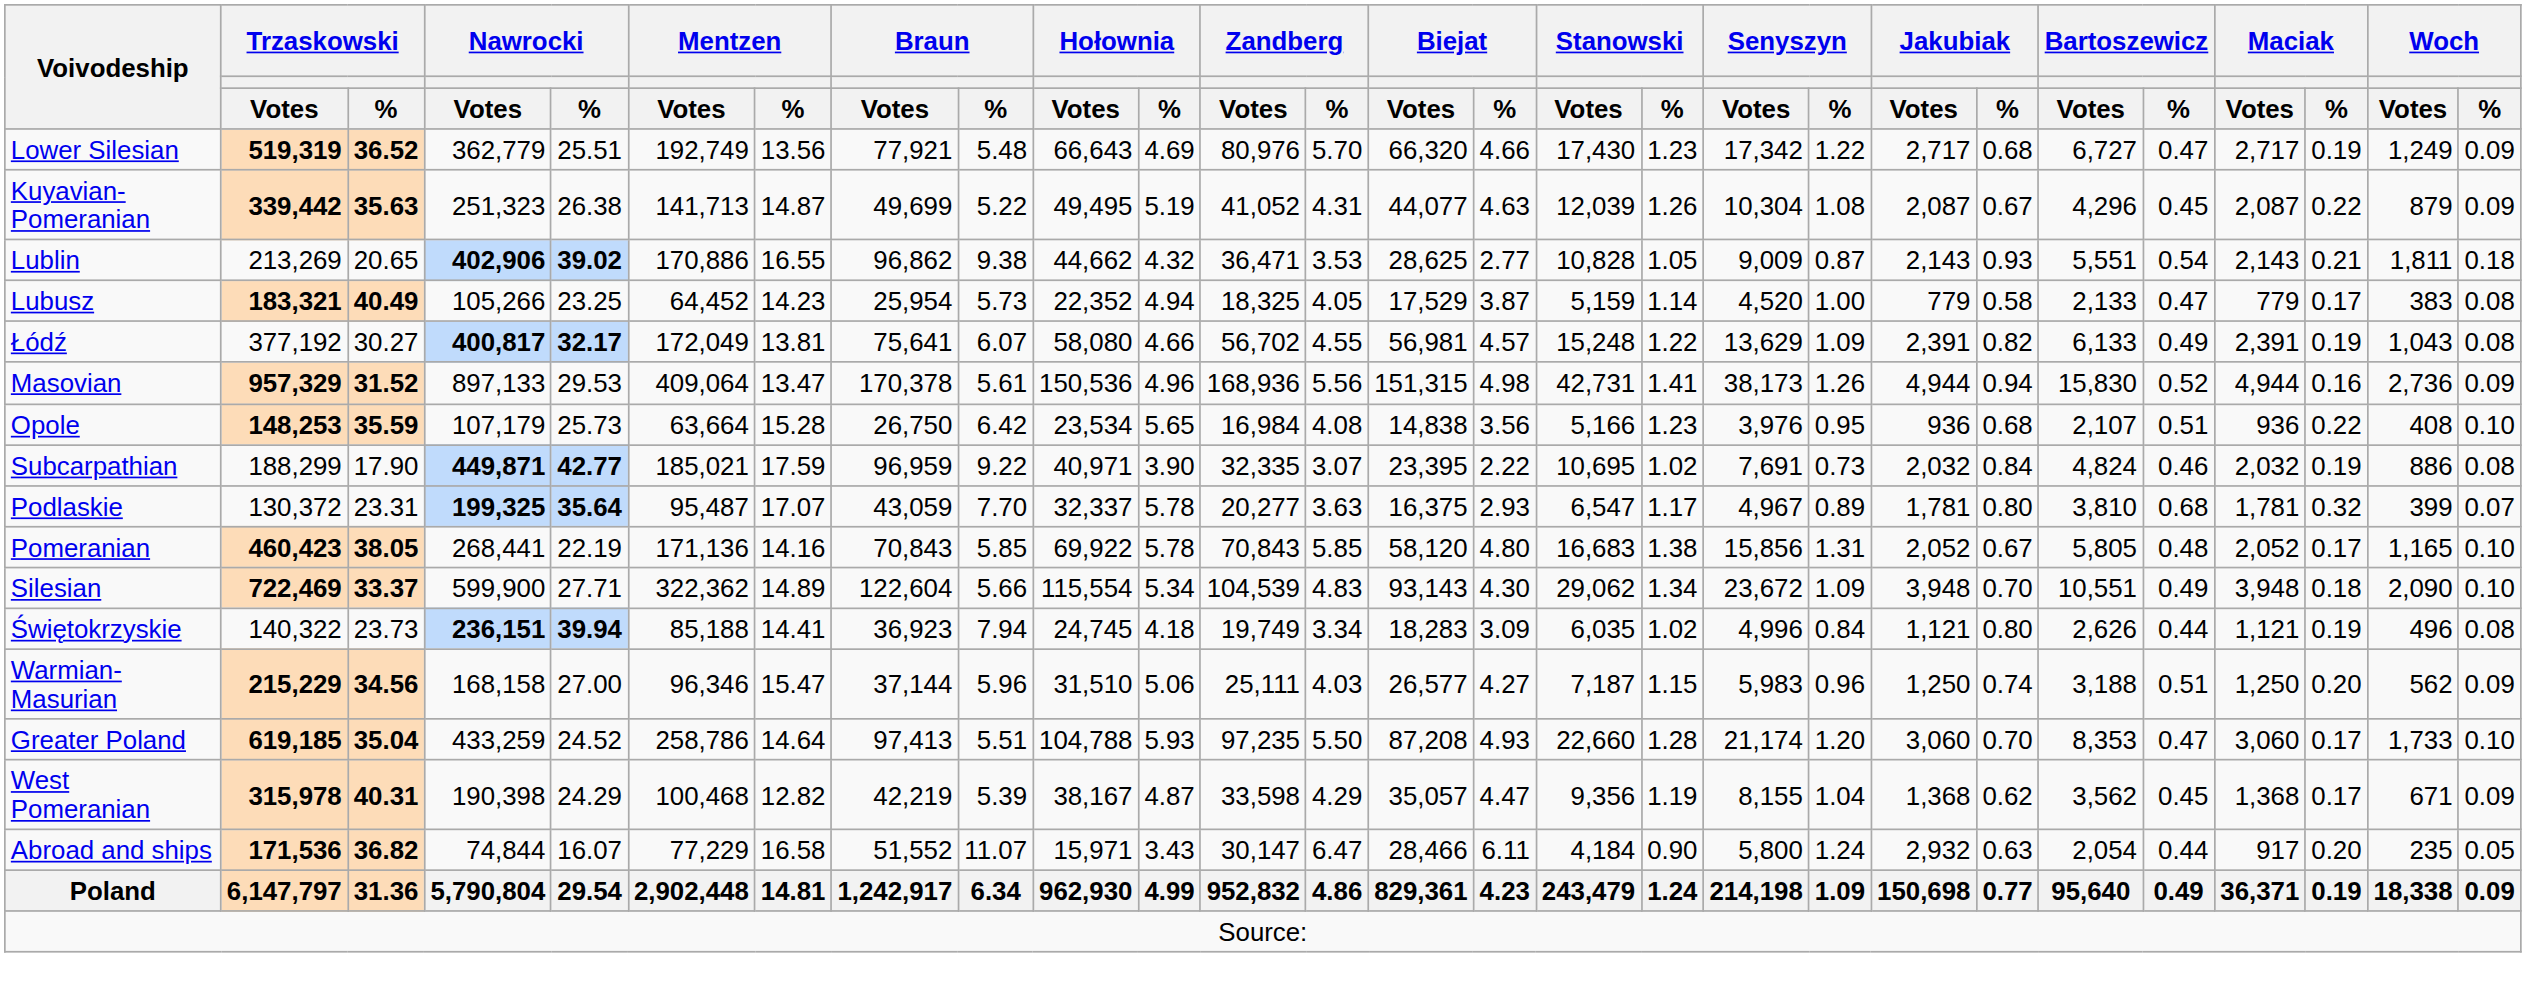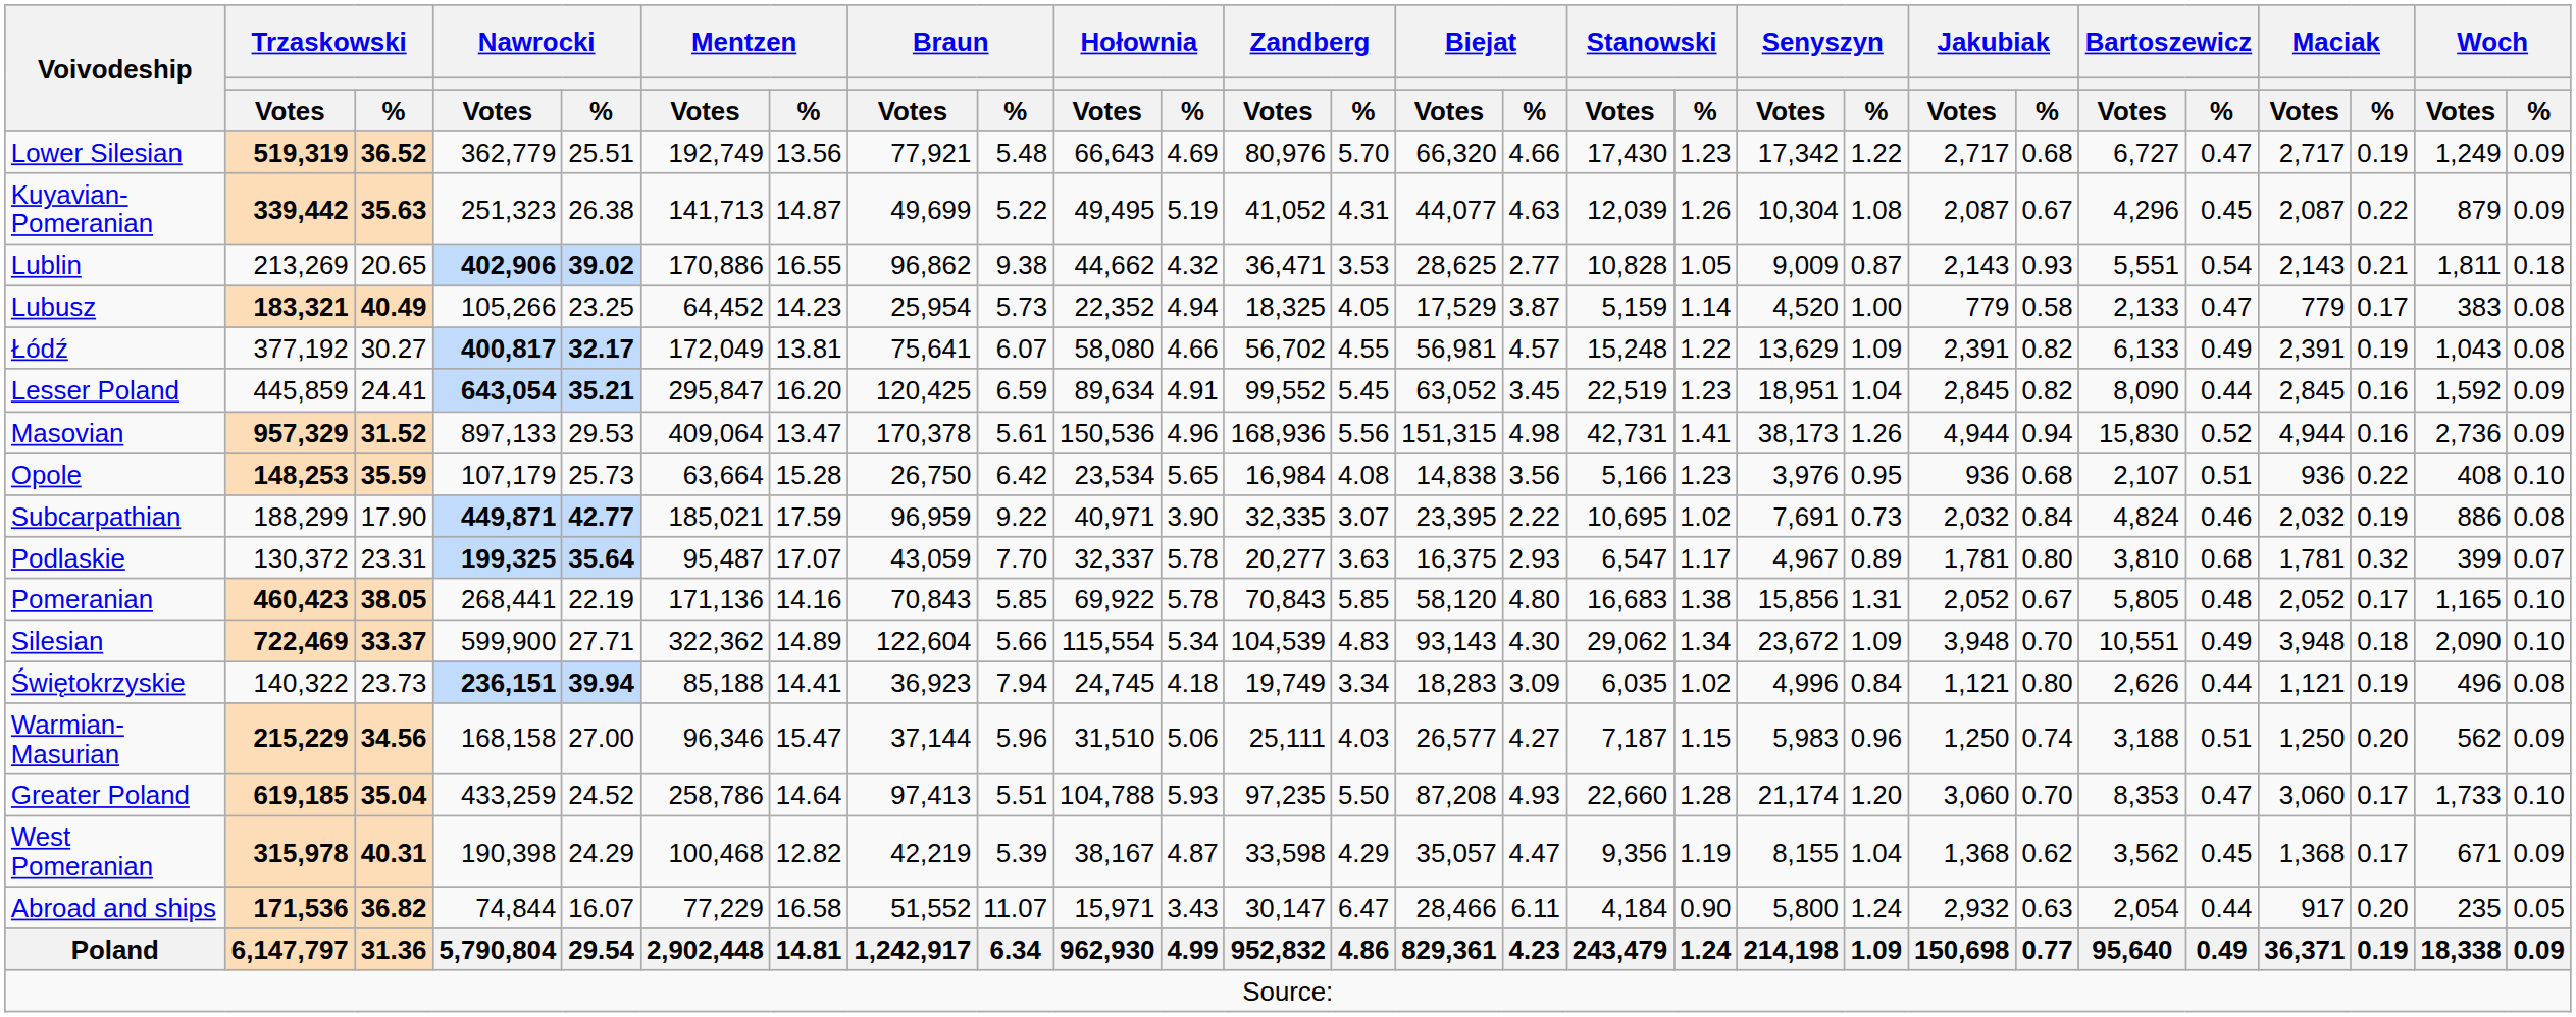 <table class="wikitable sortable" style="text-align:right; font-size:95%">
 <tr style="height:42px; text-align:center; background-color:#E9E9E9;">
 <th rowspan="3" style="width:120px;">Voivodeship</th>
 <th colspan="2" data-sort-type="number" style="width:40px;"><a href='#'>Trzaskowski</a><br></th>
 <th colspan="2" data-sort-type="number" style="width:40px;"><a href='#'>Nawrocki</a><br></th>
 <th colspan="2" data-sort-type="number" style="width:40px;"><a href='#'>Mentzen</a><br></th>
 <th colspan="2" data-sort-type="number" style="width:40px;"><a href='#'>Braun</a><br></th>
 <th colspan="2" data-sort-type="number" style="width:40px;"><a href='#'>Hołownia</a><br></th>
 <th colspan="2" data-sort-type="number" style="width:40px;"><a href='#'>Zandberg</a><br></th>
 <th colspan="2" data-sort-type="number" style="width:40px;"><a href='#'>Biejat</a><br></th>
 <th colspan="2" data-sort-type="number" style="width:40px;"><a href='#'>Stanowski</a><br></th>
 <th colspan="2" data-sort-type="number" style="width:40px;"><a href='#'>Senyszyn</a><br></th>
 <th colspan="2" data-sort-type="number" style="width:40px;"><a href='#'>Jakubiak</a><br></th>
 <th colspan="2" data-sort-type="number" style="width:40px;"><a href='#'>Bartoszewicz</a><br></th>
 <th colspan="2" data-sort-type="number" style="width:40px;"><a href='#'>Maciak</a><br></th>
 <th colspan="2" data-sort-type="number" style="width:40px;"><a href='#'>Woch</a><br></th>
 </tr>
 <tr>
 <th colspan="2" style="background:"></th>
 <th colspan="2" style="background:"></th>
 <th colspan="2" style="background:"></th>
 <th colspan="2" style="background:"></th>
 <th colspan="2" style="background:"></th>
 <th colspan="2" style="background:"></th>
 <th colspan="2" style="background:"></th>
 <th colspan="2" style="background:"></th>
 <th colspan="2" style="background:"></th>
 <th colspan="2" style="background:"></th>
 <th colspan="2" style="background:"></th>
 <th colspan="2" style="background:"></th>
 <th colspan="2" style="background:"></th>
 </tr>
 <tr>
 <th>Votes</th>
 <th>%</th>
 <th>Votes</th>
 <th>%</th>
 <th>Votes</th>
 <th>%</th>
 <th>Votes</th>
 <th>%</th>
 <th>Votes</th>
 <th>%</th>
 <th>Votes</th>
 <th>%</th>
 <th>Votes</th>
 <th>%</th>
 <th>Votes</th>
 <th>%</th>
 <th>Votes</th>
 <th>%</th>
 <th>Votes</th>
 <th>%</th>
 <th>Votes</th>
 <th>%</th>
 <th>Votes</th>
 <th>%</th>
 <th>Votes</th>
 <th>%</th>
 </tr>
 <tr>
 <td align="left"><a href='#'>Lower Silesian</a></td>
 <td style="font-weight:bold; background:#FDDCB8">519,319</td>
 <td style="font-weight:bold; background:#FDDCB8">36.52</td>
 <td>362,779</td>
 <td>25.51</td>
 <td>192,749</td>
 <td>13.56</td>
 <td>77,921</td>
 <td>5.48</td>
 <td>66,643</td>
 <td>4.69</td>
 <td>80,976</td>
 <td>5.70</td>
 <td>66,320</td>
 <td>4.66</td>
 <td>17,430</td>
 <td>1.23</td>
 <td>17,342</td>
 <td>1.22</td>
 <td>2,717</td>
 <td>0.68</td>
 <td>6,727</td>
 <td>0.47</td>
 <td>2,717</td>
 <td>0.19</td>
 <td>1,249</td>
 <td>0.09</td>
 </tr>
 <tr>
 <td align="left"><a href='#'>Kuyavian-Pomeranian</a></td>
 <td style="font-weight:bold; background:#FDDCB8">339,442</td>
 <td style="font-weight:bold; background:#FDDCB8">35.63</td>
 <td>251,323</td>
 <td>26.38</td>
 <td>141,713</td>
 <td>14.87</td>
 <td>49,699</td>
 <td>5.22</td>
 <td>49,495</td>
 <td>5.19</td>
 <td>41,052</td>
 <td>4.31</td>
 <td>44,077</td>
 <td>4.63</td>
 <td>12,039</td>
 <td>1.26</td>
 <td>10,304</td>
 <td>1.08</td>
 <td>2,087</td>
 <td>0.67</td>
 <td>4,296</td>
 <td>0.45</td>
 <td>2,087</td>
 <td>0.22</td>
 <td>879</td>
 <td>0.09</td>
 </tr>
 <tr>
 <td align="left"><a href='#'>Lublin</a></td>
 <td>213,269</td>
 <td>20.65</td>
 <td style="font-weight:bold; background:#C0DBFC">402,906</td>
 <td style="font-weight:bold; background:#C0DBFC">39.02</td>
 <td>170,886</td>
 <td>16.55</td>
 <td>96,862</td>
 <td>9.38</td>
 <td>44,662</td>
 <td>4.32</td>
 <td>36,471</td>
 <td>3.53</td>
 <td>28,625</td>
 <td>2.77</td>
 <td>10,828</td>
 <td>1.05</td>
 <td>9,009</td>
 <td>0.87</td>
 <td>2,143</td>
 <td>0.93</td>
 <td>5,551</td>
 <td>0.54</td>
 <td>2,143</td>
 <td>0.21</td>
 <td>1,811</td>
 <td>0.18</td>
 </tr>
 <tr>
 <td align="left"><a href='#'>Lubusz</a></td>
 <td style="font-weight:bold; background:#FDDCB8">183,321</td>
 <td style="font-weight:bold; background:#FDDCB8">40.49</td>
 <td>105,266</td>
 <td>23.25</td>
 <td>64,452</td>
 <td>14.23</td>
 <td>25,954</td>
 <td>5.73</td>
 <td>22,352</td>
 <td>4.94</td>
 <td>18,325</td>
 <td>4.05</td>
 <td>17,529</td>
 <td>3.87</td>
 <td>5,159</td>
 <td>1.14</td>
 <td>4,520</td>
 <td>1.00</td>
 <td>779</td>
 <td>0.58</td>
 <td>2,133</td>
 <td>0.47</td>
 <td>779</td>
 <td>0.17</td>
 <td>383</td>
 <td>0.08</td>
 </tr>
 <tr>
 <td align="left"><a href='#'>Łódź</a></td>
 <td>377,192</td>
 <td>30.27</td>
 <td style="font-weight:bold; background:#C0DBFC">400,817</td>
 <td style="font-weight:bold; background:#C0DBFC">32.17</td>
 <td>172,049</td>
 <td>13.81</td>
 <td>75,641</td>
 <td>6.07</td>
 <td>58,080</td>
 <td>4.66</td>
 <td>56,702</td>
 <td>4.55</td>
 <td>56,981</td>
 <td>4.57</td>
 <td>15,248</td>
 <td>1.22</td>
 <td>13,629</td>
 <td>1.09</td>
 <td>2,391</td>
 <td>0.82</td>
 <td>6,133</td>
 <td>0.49</td>
 <td>2,391</td>
 <td>0.19</td>
 <td>1,043</td>
 <td>0.08</td>
+</tr>
+<tr>
+<td align="left"><a href='#'>Lesser Poland</a></td>
+<td>445,859</td>
+<td>24.41</td>
+<td style="font-weight:bold; background:#C0DBFC">643,054</td>
+<td style="font-weight:bold; background:#C0DBFC">35.21</td>
+<td>295,847</td>
+<td>16.20</td>
+<td>120,425</td>
+<td>6.59</td>
+<td>89,634</td>
+<td>4.91</td>
+<td>99,552</td>
+<td>5.45</td>
+<td>63,052</td>
+<td>3.45</td>
+<td>22,519</td>
+<td>1.23</td>
+<td>18,951</td>
+<td>1.04</td>
+<td>2,845</td>
+<td>0.82</td>
+<td>8,090</td>
+<td>0.44</td>
+<td>2,845</td>
+<td>0.16</td>
+<td>1,592</td>
+<td>0.09</td>
 </tr>
 <tr>
 <td align="left"><a href='#'>Masovian</a></td>
 <td style="font-weight:bold; background:#FDDCB8">957,329</td>
 <td style="font-weight:bold; background:#FDDCB8">31.52</td>
 <td>897,133</td>
 <td>29.53</td>
 <td>409,064</td>
 <td>13.47</td>
 <td>170,378</td>
 <td>5.61</td>
 <td>150,536</td>
 <td>4.96</td>
 <td>168,936</td>
 <td>5.56</td>
 <td>151,315</td>
 <td>4.98</td>
 <td>42,731</td>
 <td>1.41</td>
 <td>38,173</td>
 <td>1.26</td>
 <td>4,944</td>
 <td>0.94</td>
 <td>15,830</td>
 <td>0.52</td>
 <td>4,944</td>
 <td>0.16</td>
 <td>2,736</td>
 <td>0.09</td>
 </tr>
 <tr>
 <td align="left"><a href='#'>Opole</a></td>
 <td style="font-weight:bold; background:#FDDCB8">148,253</td>
 <td style="font-weight:bold; background:#FDDCB8">35.59</td>
 <td>107,179</td>
 <td>25.73</td>
 <td>63,664</td>
 <td>15.28</td>
 <td>26,750</td>
 <td>6.42</td>
 <td>23,534</td>
 <td>5.65</td>
 <td>16,984</td>
 <td>4.08</td>
 <td>14,838</td>
 <td>3.56</td>
 <td>5,166</td>
 <td>1.23</td>
 <td>3,976</td>
 <td>0.95</td>
 <td>936</td>
 <td>0.68</td>
 <td>2,107</td>
 <td>0.51</td>
 <td>936</td>
 <td>0.22</td>
 <td>408</td>
 <td>0.10</td>
 </tr>
 <tr>
 <td align="left"><a href='#'>Subcarpathian</a></td>
 <td>188,299</td>
 <td>17.90</td>
 <td style="font-weight:bold; background:#C0DBFC">449,871</td>
 <td style="font-weight:bold; background:#C0DBFC">42.77</td>
 <td>185,021</td>
 <td>17.59</td>
 <td>96,959</td>
 <td>9.22</td>
 <td>40,971</td>
 <td>3.90</td>
 <td>32,335</td>
 <td>3.07</td>
 <td>23,395</td>
 <td>2.22</td>
 <td>10,695</td>
 <td>1.02</td>
 <td>7,691</td>
 <td>0.73</td>
 <td>2,032</td>
 <td>0.84</td>
 <td>4,824</td>
 <td>0.46</td>
 <td>2,032</td>
 <td>0.19</td>
 <td>886</td>
 <td>0.08</td>
 </tr>
 <tr>
 <td align="left"><a href='#'>Podlaskie</a></td>
 <td>130,372</td>
 <td>23.31</td>
 <td style="font-weight:bold; background:#C0DBFC">199,325</td>
 <td style="font-weight:bold; background:#C0DBFC">35.64</td>
 <td>95,487</td>
 <td>17.07</td>
 <td>43,059</td>
 <td>7.70</td>
 <td>32,337</td>
 <td>5.78</td>
 <td>20,277</td>
 <td>3.63</td>
 <td>16,375</td>
 <td>2.93</td>
 <td>6,547</td>
 <td>1.17</td>
 <td>4,967</td>
 <td>0.89</td>
 <td>1,781</td>
 <td>0.80</td>
 <td>3,810</td>
 <td>0.68</td>
 <td>1,781</td>
 <td>0.32</td>
 <td>399</td>
 <td>0.07</td>
 </tr>
 <tr>
 <td align="left"><a href='#'>Pomeranian</a></td>
 <td style="font-weight:bold; background:#FDDCB8">460,423</td>
 <td style="font-weight:bold; background:#FDDCB8">38.05</td>
 <td>268,441</td>
 <td>22.19</td>
 <td>171,136</td>
 <td>14.16</td>
 <td>70,843</td>
 <td>5.85</td>
 <td>69,922</td>
 <td>5.78</td>
 <td>70,843</td>
 <td>5.85</td>
 <td>58,120</td>
 <td>4.80</td>
 <td>16,683</td>
 <td>1.38</td>
 <td>15,856</td>
 <td>1.31</td>
 <td>2,052</td>
 <td>0.67</td>
 <td>5,805</td>
 <td>0.48</td>
 <td>2,052</td>
 <td>0.17</td>
 <td>1,165</td>
 <td>0.10</td>
 </tr>
 <tr>
 <td align="left"><a href='#'>Silesian</a></td>
 <td style="font-weight:bold; background:#FDDCB8">722,469</td>
 <td style="font-weight:bold; background:#FDDCB8">33.37</td>
 <td>599,900</td>
 <td>27.71</td>
 <td>322,362</td>
 <td>14.89</td>
 <td>122,604</td>
 <td>5.66</td>
 <td>115,554</td>
 <td>5.34</td>
 <td>104,539</td>
 <td>4.83</td>
 <td>93,143</td>
 <td>4.30</td>
 <td>29,062</td>
 <td>1.34</td>
 <td>23,672</td>
 <td>1.09</td>
 <td>3,948</td>
 <td>0.70</td>
 <td>10,551</td>
 <td>0.49</td>
 <td>3,948</td>
 <td>0.18</td>
 <td>2,090</td>
 <td>0.10</td>
 </tr>
 <tr>
 <td align="left"><a href='#'>Świętokrzyskie</a></td>
 <td>140,322</td>
 <td>23.73</td>
 <td style="font-weight:bold; background:#C0DBFC">236,151</td>
 <td style="font-weight:bold; background:#C0DBFC">39.94</td>
 <td>85,188</td>
 <td>14.41</td>
 <td>36,923</td>
 <td>7.94</td>
 <td>24,745</td>
 <td>4.18</td>
 <td>19,749</td>
 <td>3.34</td>
 <td>18,283</td>
 <td>3.09</td>
 <td>6,035</td>
 <td>1.02</td>
 <td>4,996</td>
 <td>0.84</td>
 <td>1,121</td>
 <td>0.80</td>
 <td>2,626</td>
 <td>0.44</td>
 <td>1,121</td>
 <td>0.19</td>
 <td>496</td>
 <td>0.08</td>
 </tr>
 <tr>
 <td align="left"><a href='#'>Warmian-Masurian</a></td>
 <td style="font-weight:bold; background:#FDDCB8">215,229</td>
 <td style="font-weight:bold; background:#FDDCB8">34.56</td>
 <td>168,158</td>
 <td>27.00</td>
 <td>96,346</td>
 <td>15.47</td>
 <td>37,144</td>
 <td>5.96</td>
 <td>31,510</td>
 <td>5.06</td>
 <td>25,111</td>
 <td>4.03</td>
 <td>26,577</td>
 <td>4.27</td>
 <td>7,187</td>
 <td>1.15</td>
 <td>5,983</td>
 <td>0.96</td>
 <td>1,250</td>
 <td>0.74</td>
 <td>3,188</td>
 <td>0.51</td>
 <td>1,250</td>
 <td>0.20</td>
 <td>562</td>
 <td>0.09</td>
 </tr>
 <tr>
 <td align="left"><a href='#'>Greater Poland</a></td>
 <td style="font-weight:bold; background:#FDDCB8">619,185</td>
 <td style="font-weight:bold; background:#FDDCB8">35.04</td>
 <td>433,259</td>
 <td>24.52</td>
 <td>258,786</td>
 <td>14.64</td>
 <td>97,413</td>
 <td>5.51</td>
 <td>104,788</td>
 <td>5.93</td>
 <td>97,235</td>
 <td>5.50</td>
 <td>87,208</td>
 <td>4.93</td>
 <td>22,660</td>
 <td>1.28</td>
 <td>21,174</td>
 <td>1.20</td>
 <td>3,060</td>
 <td>0.70</td>
 <td>8,353</td>
 <td>0.47</td>
 <td>3,060</td>
 <td>0.17</td>
 <td>1,733</td>
 <td>0.10</td>
 </tr>
 <tr>
 <td align="left"><a href='#'>West Pomeranian</a></td>
 <td style="font-weight:bold; background:#FDDCB8">315,978</td>
 <td style="font-weight:bold; background:#FDDCB8">40.31</td>
 <td>190,398</td>
 <td>24.29</td>
 <td>100,468</td>
 <td>12.82</td>
 <td>42,219</td>
 <td>5.39</td>
 <td>38,167</td>
 <td>4.87</td>
 <td>33,598</td>
 <td>4.29</td>
 <td>35,057</td>
 <td>4.47</td>
 <td>9,356</td>
 <td>1.19</td>
 <td>8,155</td>
 <td>1.04</td>
 <td>1,368</td>
 <td>0.62</td>
 <td>3,562</td>
 <td>0.45</td>
 <td>1,368</td>
 <td>0.17</td>
 <td>671</td>
 <td>0.09</td>
 </tr>
 <tr>
 <td align="left"><a href='#'>Abroad and ships</a></td>
 <td style="font-weight:bold; background:#FDDCB8">171,536</td>
 <td style="font-weight:bold; background:#FDDCB8">36.82</td>
 <td>74,844</td>
 <td>16.07</td>
 <td>77,229</td>
 <td>16.58</td>
 <td>51,552</td>
 <td>11.07</td>
 <td>15,971</td>
 <td>3.43</td>
 <td>30,147</td>
 <td>6.47</td>
 <td>28,466</td>
 <td>6.11</td>
 <td>4,184</td>
 <td>0.90</td>
 <td>5,800</td>
 <td>1.24</td>
 <td>2,932</td>
 <td>0.63</td>
 <td>2,054</td>
 <td>0.44</td>
 <td>917</td>
 <td>0.20</td>
 <td>235</td>
 <td>0.05</td>
 </tr>
 <tr class="sortbottom">
 <th>Poland</th>
 <th style="font-weight:bold; background:#FDDCB8">6,147,797</th>
 <th style="font-weight:bold; background:#FDDCB8">31.36</th>
 <th>5,790,804</th>
 <th>29.54</th>
 <th>2,902,448</th>
 <th>14.81</th>
 <th>1,242,917</th>
 <th>6.34</th>
 <th>962,930</th>
 <th>4.99</th>
 <th>952,832</th>
 <th>4.86</th>
 <th>829,361</th>
 <th>4.23</th>
 <th>243,479</th>
 <th>1.24</th>
 <th>214,198</th>
 <th>1.09</th>
 <th>150,698</th>
 <th>0.77</th>
 <th>95,640</th>
 <th>0.49</th>
 <th>36,371</th>
 <th>0.19</th>
 <th>18,338</th>
 <th>0.09</th>
 </tr>
 <tr class=sortbottom>
 <td colspan="27" align="center">Source: </td>
 </tr>
 </table>
